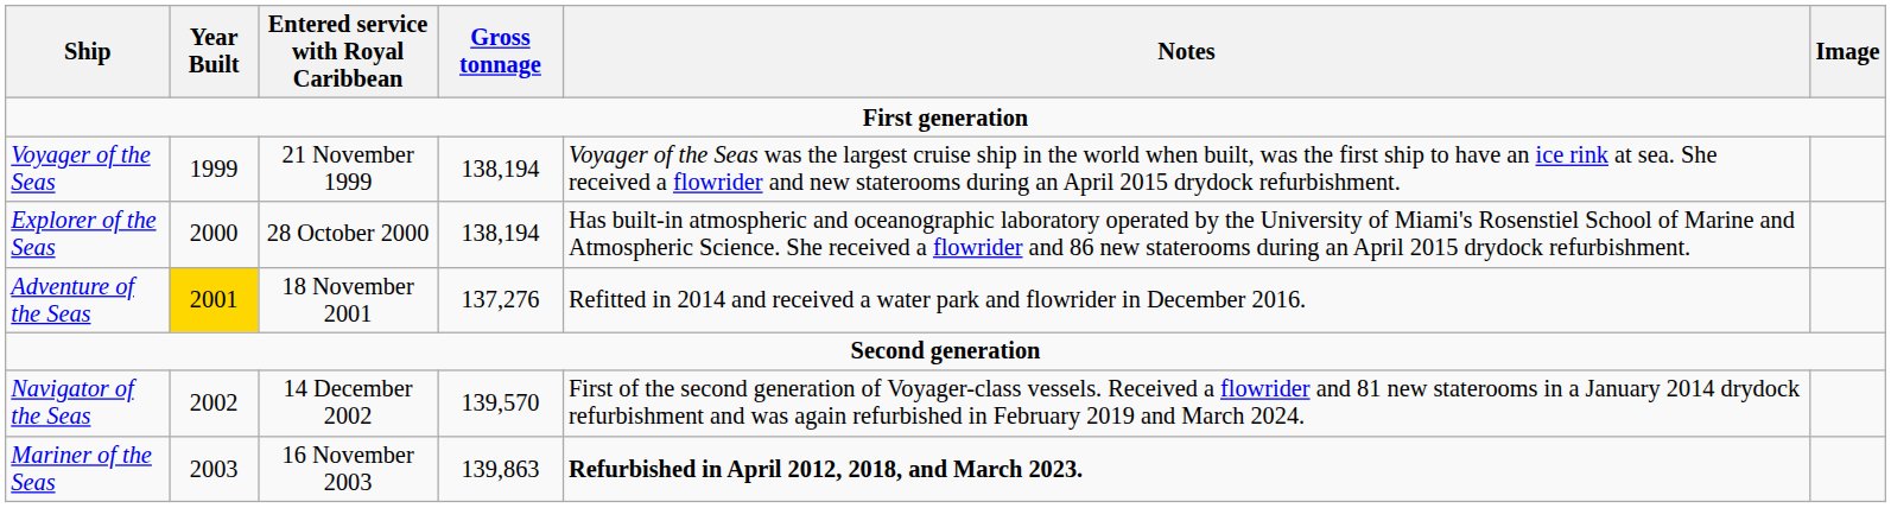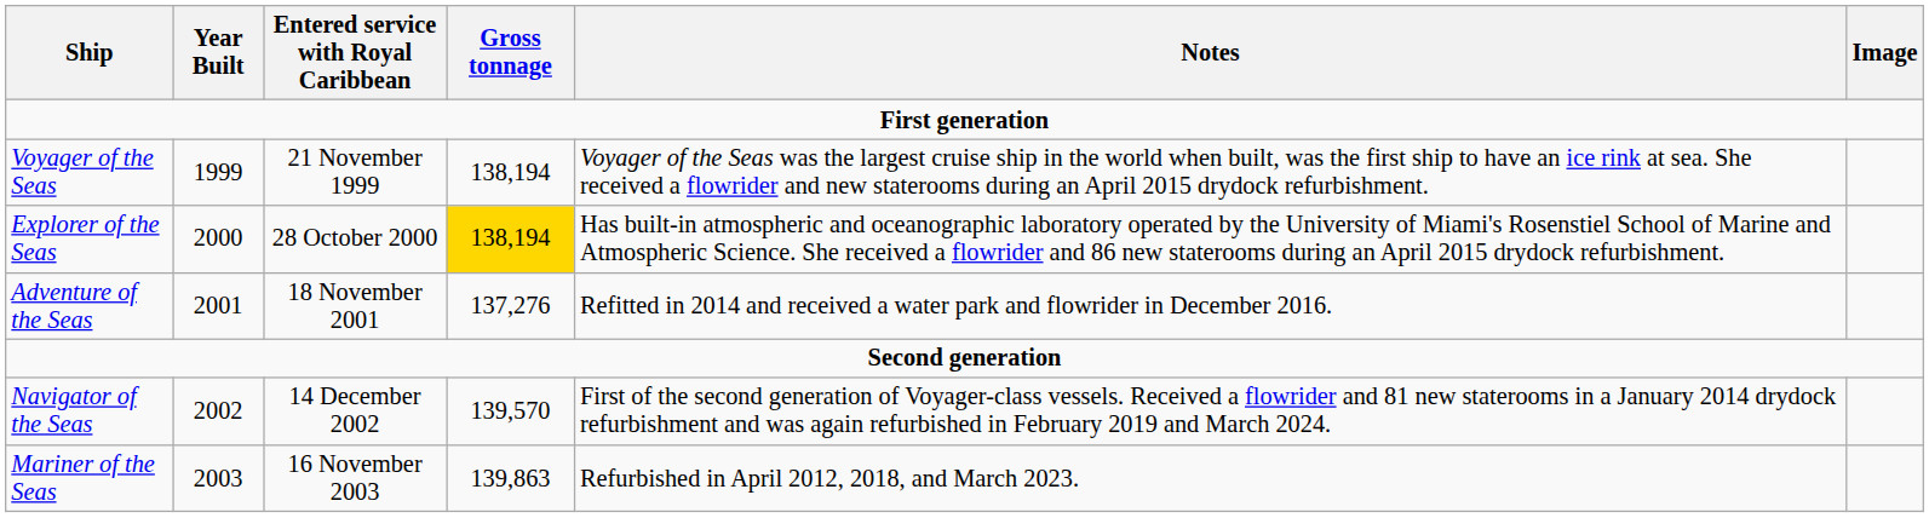 <table class="wikitable sortable">
 <tr>
 <th>Ship</th>
 <th>Year Built</th>
 <th>Entered service<br>with Royal Caribbean</th>
 <th><a href='#'>Gross tonnage</a></th>
 <th>Notes</th>
 <th>Image</th>
 </tr>
 <tr>
 <td colspan="6" style="text-align:center;"><strong>First generation</strong></td>
 </tr>
 <tr>
 <td><em><a href='#'>Voyager of the Seas</a></em></td>
 <td style="text-align:Center;">1999</td>
 <td style="text-align:Center;">21 November 1999</td>
 <td style="text-align:center;">138,194</td>
 <td><em>Voyager of the Seas</em> was the largest cruise ship in the world when built, was the first ship to have an <a href='#'>ice rink</a> at sea. She received  a <a href='#'>flowrider</a> and new staterooms during an April 2015 drydock refurbishment.</td>
 <td></td>
 </tr>
 <tr>
 <td><em><a href='#'>Explorer of the Seas</a></em></td>
 <td style="text-align:Center;">2000</td>
 <td style="text-align:Center;">28 October 2000</td>
-<td style="text-align:center;">138,194</td>
+<td style="background: gold; text-align:center;">138,194</td>
 <td>Has built-in atmospheric and oceanographic laboratory operated by the University of Miami's Rosenstiel School of Marine and Atmospheric Science. She received a <a href='#'>flowrider</a> and 86 new staterooms during an April 2015 drydock refurbishment.</td>
 <td></td>
 </tr>
 <tr>
 <td><em><a href='#'>Adventure of the Seas</a></em></td>
-<td style="background: gold; text-align:Center;">2001</td>
+<td style="text-align:Center;">2001</td>
 <td style="text-align:Center;">18 November 2001</td>
 <td style="text-align:center;">137,276</td>
 <td>Refitted in 2014 and received a water park and flowrider in December 2016.</td>
 <td></td>
 </tr>
 <tr>
 <td colspan="6" style="text-align:center;"><strong>Second generation</strong></td>
 </tr>
 <tr>
 <td><em><a href='#'>Navigator of the Seas</a></em></td>
 <td style="text-align:Center;">2002</td>
 <td style="text-align:Center;">14 December 2002</td>
 <td style="text-align:center;">139,570</td>
 <td>First of the second generation of Voyager-class vessels. Received  a <a href='#'>flowrider</a> and 81 new staterooms in a January 2014 drydock refurbishment and was again refurbished in February 2019 and March 2024.</td>
 <td></td>
 </tr>
 <tr>
 <td><em><a href='#'>Mariner of the Seas</a></em></td>
 <td style="text-align:Center;">2003</td>
 <td style="text-align:Center;">16 November 2003</td>
 <td style="text-align:center;">139,863</td>
-<td><strong>Refurbished in April 2012, 2018, and March 2023.</strong></td>
+<td>Refurbished in April 2012, 2018, and March 2023.</td>
 <td></td>
 </tr>
 </table>
